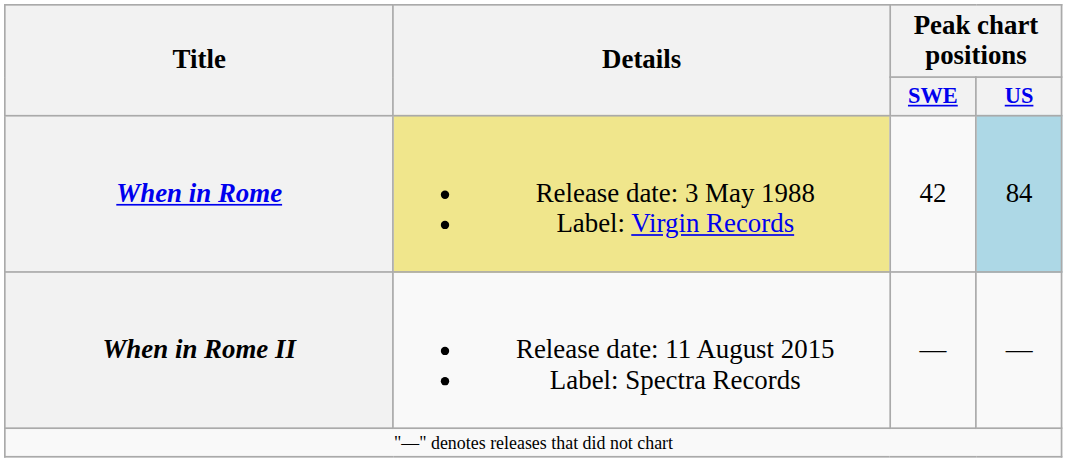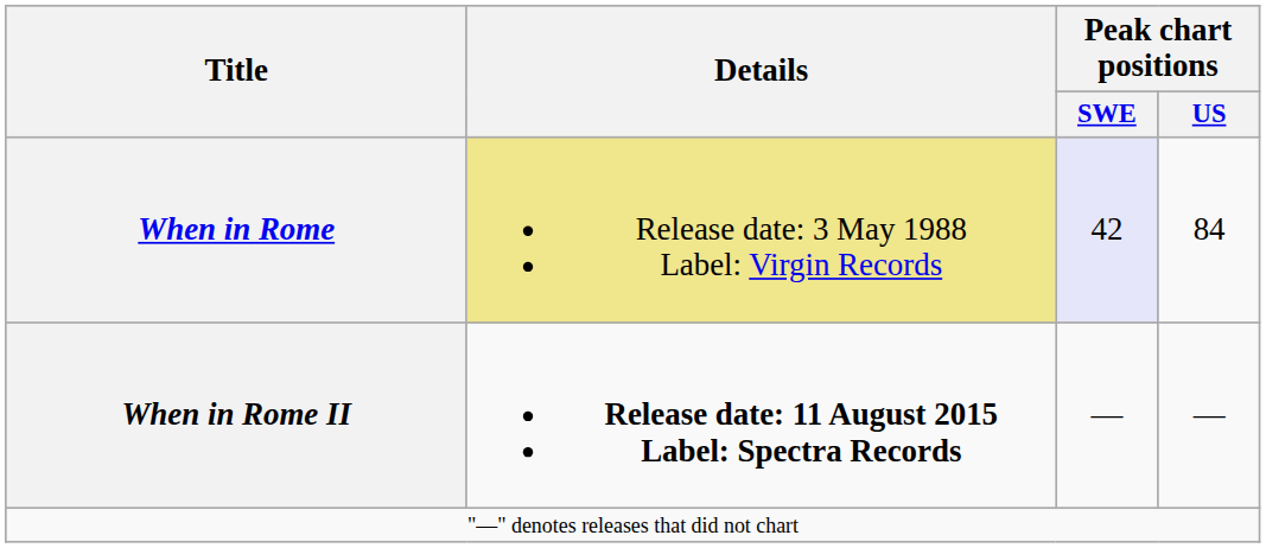 <table class="wikitable plainrowheaders" style="text-align:center;">
 <tr>
 <th rowspan="2" style="width:14em;">Title</th>
 <th rowspan="2" style="width:18em;">Details</th>
 <th colspan="2">Peak chart positions</th>
 </tr>
 <tr style="font-size:smaller;">
 <th style="width:45px;"><a href='#'>SWE</a><br></th>
 <th style="width:45px;"><a href='#'>US</a><br></th>
 </tr>
 <tr>
 <th scope="row"><em><a href='#'>When in Rome</a></em></th>
 <td style="background: khaki;"><br><ul><li>Release date: 3 May 1988</li><li>Label: <a href='#'>Virgin Records</a></li></ul></td>
-<td>42</td>
-<td style="background: lightblue;">84</td>
+<td style="background: lavender;">42</td>
+<td>84</td>
 </tr>
 <tr>
 <th scope="row"><em>When in Rome II</em></th>
-<td><br><ul><li>Release date: 11 August 2015</li><li>Label: Spectra Records</li></ul></td>
+<td><strong><br><ul><li>Release date: 11 August 2015</li><li>Label: Spectra Records</li></ul></strong></td>
 <td>—</td>
 <td>—</td>
 </tr>
 <tr>
 <td colspan="15" style="font-size:8pt">"—" denotes releases that did not chart</td>
 </tr>
 </table>
